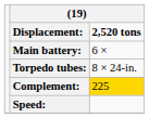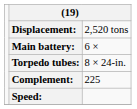 <table class="wikitable plainrowheaders" style="text-align:left">
 <tr valign="bottom">
 <td rowspan=6 style="text-align:center"></td>
 <th colspan=2 style="text-align:center"> (19)</th>
 </tr>
 <tr>
 <th style="text-align:left">Displacement:</th>
-<td><strong>2,520 tons</strong></td>
+<td>2,520 tons</td>
 </tr>
 <tr>
 <th style="text-align:left">Main battery:</th>
 <td>6 × </td>
 </tr>
 <tr>
 <th style="text-align:left">Torpedo tubes:</th>
 <td>8 × 24‑in.</td>
 </tr>
 <tr>
 <th style="text-align:left">Complement:</th>
-<td style="background: gold;">225</td>
+<td>225</td>
 </tr>
 <tr>
 <th style="text-align:left">Speed:</th>
 <td></td>
 </tr>
 <tr>
 </tr>
 </table>
